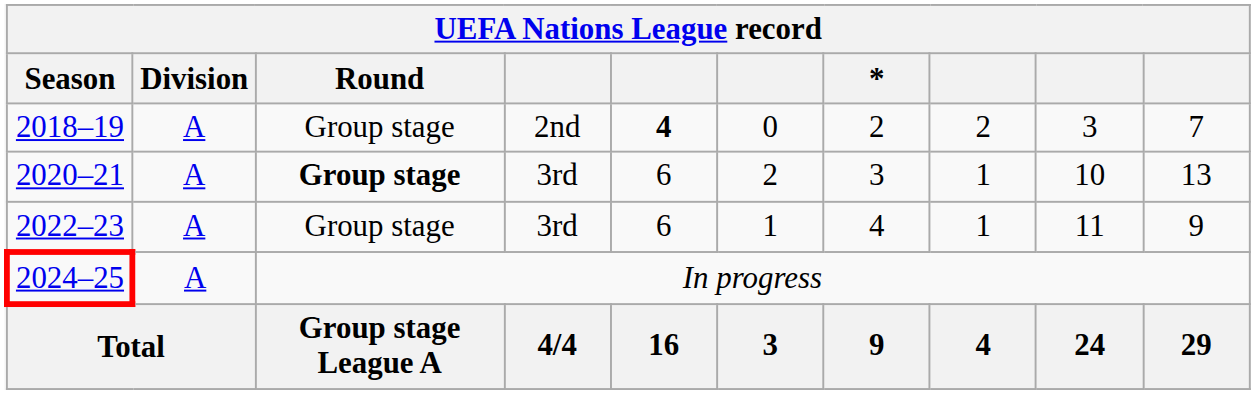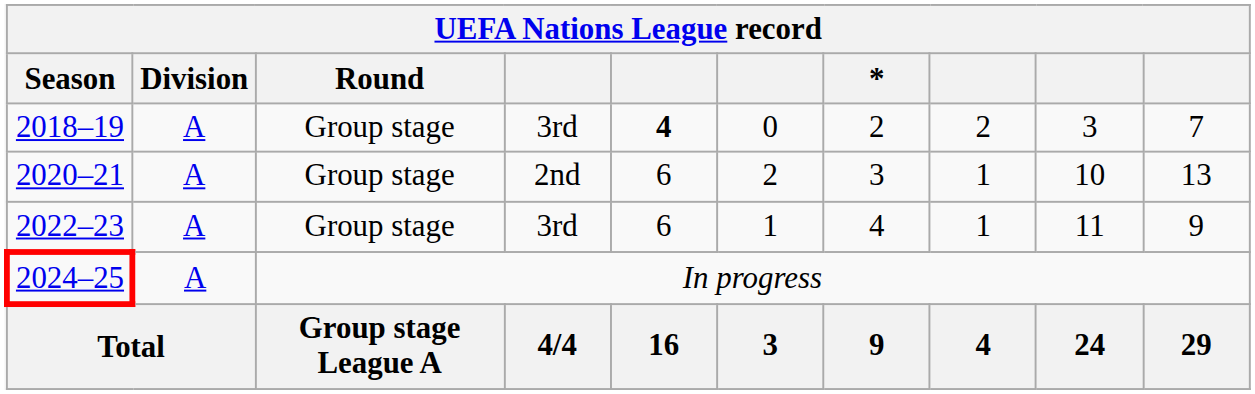 <table class="wikitable" style="text-align: center;">
 <tr>
 <th colspan="10"><a href='#'>UEFA Nations League</a> record</th>
 </tr>
 <tr>
 <th>Season</th>
 <th>Division</th>
 <th>Round</th>
 <th width=28></th>
 <th width=28></th>
 <th width=28></th>
 <th width=28>*</th>
 <th width=28></th>
 <th width=28></th>
 <th width=28></th>
 </tr>
 <tr>
 <td> <a href='#'>2018–19</a></td>
 <td><a href='#'>A</a></td>
 <td>Group stage</td>
-<td>2nd</td>
+<td>3rd</td>
 <td><strong>4</strong></td>
 <td>0</td>
 <td>2</td>
 <td>2</td>
 <td>3</td>
 <td>7</td>
 </tr>
 <tr>
 <td> <a href='#'>2020–21</a></td>
 <td><a href='#'>A</a></td>
-<td><strong>Group stage</strong></td>
-<td>3rd</td>
+<td>Group stage</td>
+<td>2nd</td>
 <td>6</td>
 <td>2</td>
 <td>3</td>
 <td>1</td>
 <td>10</td>
 <td>13</td>
 </tr>
 <tr>
 <td> <a href='#'>2022–23</a></td>
 <td><a href='#'>A</a></td>
 <td>Group stage</td>
 <td>3rd</td>
 <td>6</td>
 <td>1</td>
 <td>4</td>
 <td>1</td>
 <td>11</td>
 <td>9</td>
 </tr>
 <tr>
 <td style="border: 3px solid red"> <a href='#'>2024–25</a></td>
 <td><a href='#'>A</a></td>
 <td colspan=8><em>In progress</em></td>
 </tr>
 <tr>
 <th style="background:#; width:20%;" colspan="2">Total</th>
 <th style="background:#; width:20%;">Group stage<br>League A</th>
 <th style="background:#;">4/4</th>
 <th style="background:#;">16</th>
 <th style="background:#;">3</th>
 <th style="background:#;">9</th>
 <th style="background:#;">4</th>
 <th style="background:#;">24</th>
 <th style="background:#;">29</th>
 </tr>
 </table>
